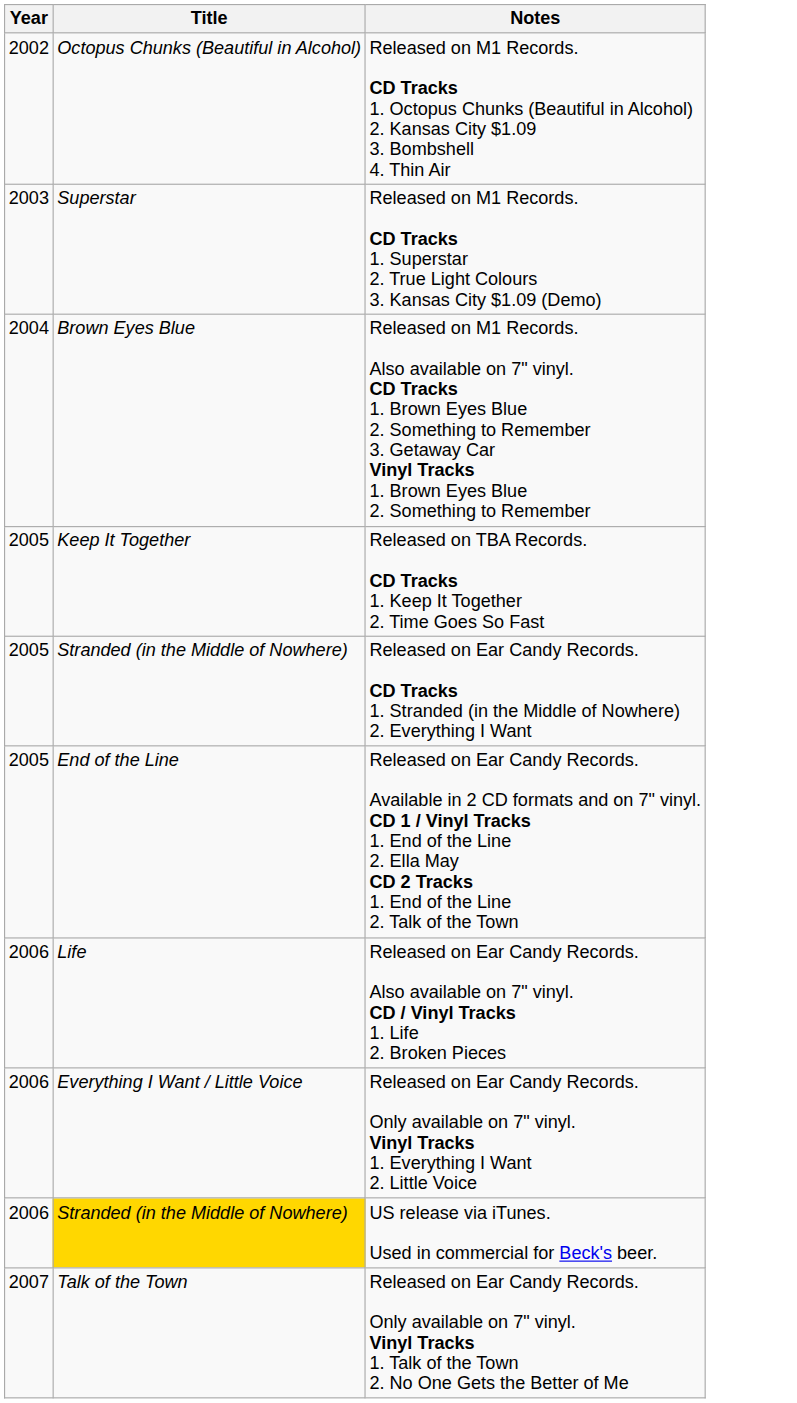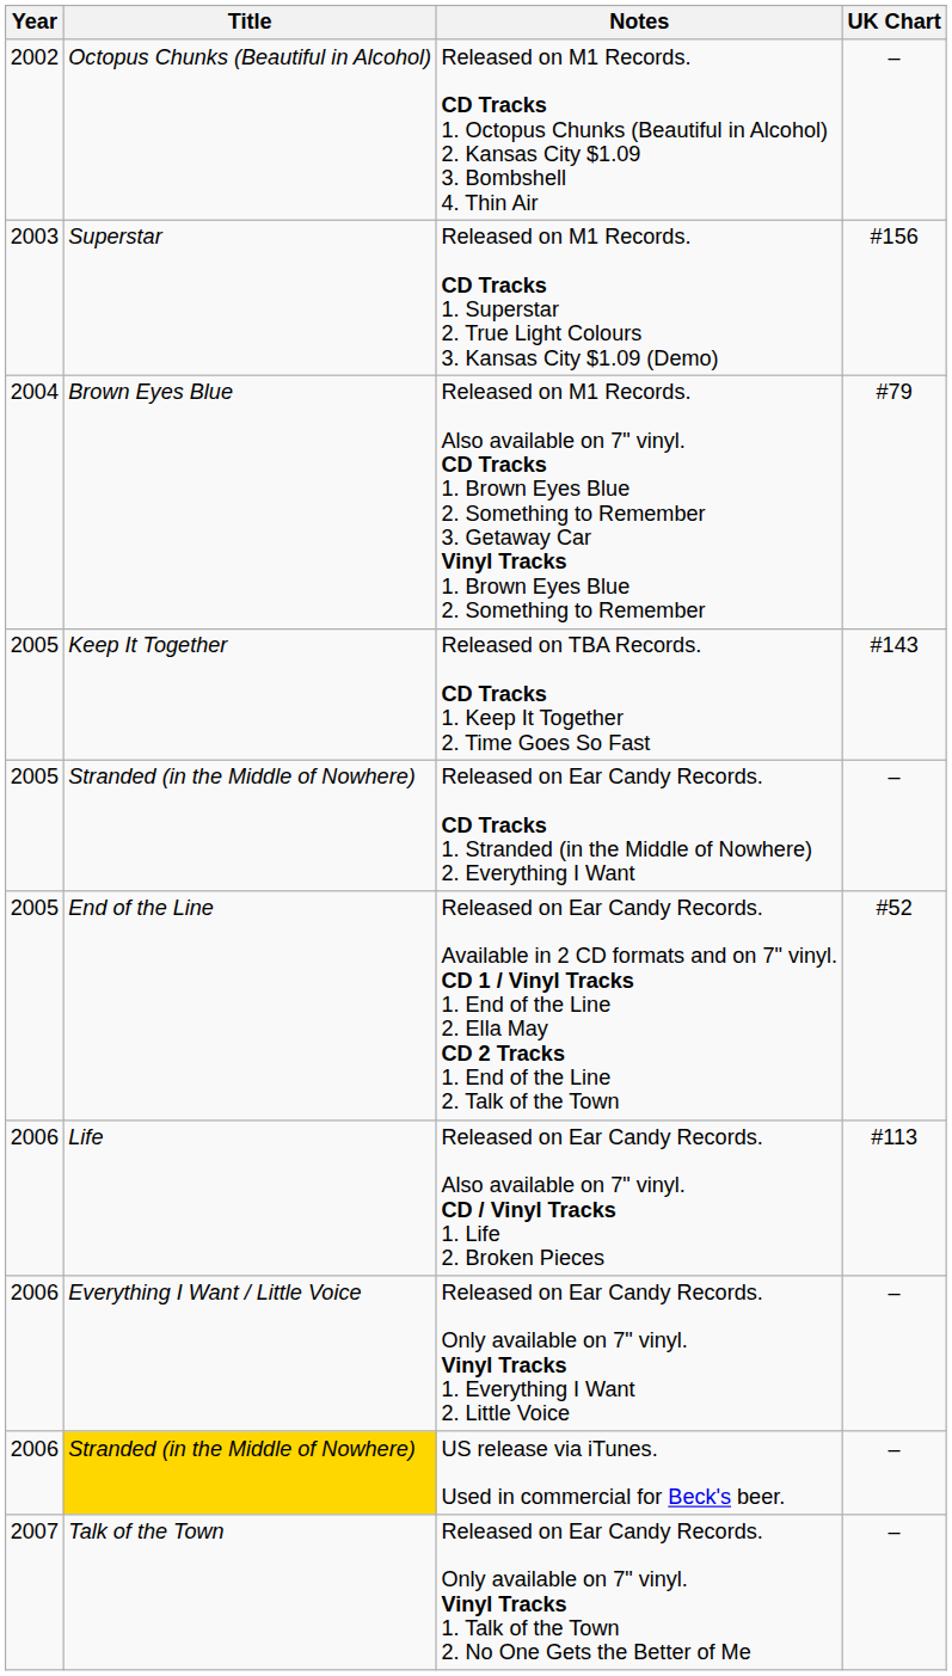 <table class="wikitable">
 <tr>
 <th>Year</th>
 <th>Title</th>
 <th>Notes</th>
+<th>UK Chart</th>
 </tr>
 <tr>
 <td align="center" valign="top">2002</td>
 <td align="left" valign="top"><em>Octopus Chunks (Beautiful in Alcohol)</em></td>
 <td align="left" valign="top">Released on M1 Records.<br><br><strong>CD Tracks</strong><br> 1. Octopus Chunks (Beautiful in Alcohol)<br> 2. Kansas City $1.09<br> 3. Bombshell<br> 4. Thin Air<br></td>
+<td align="center" valign="top">–</td>
 </tr>
 <tr>
 <td align="center" valign="top">2003</td>
 <td align="left" valign="top"><em>Superstar</em></td>
 <td align="left" valign="top">Released on M1 Records.<br><br><strong>CD Tracks</strong><br> 1. Superstar<br> 2. True Light Colours<br> 3. Kansas City $1.09 (Demo)<br></td>
+<td align="center" valign="top">#156</td>
 </tr>
 <tr>
 <td align="center" valign="top">2004</td>
 <td align="left" valign="top"><em>Brown Eyes Blue</em></td>
 <td align="left" valign="top">Released on M1 Records.<br><br>Also available on 7" vinyl.<br><strong>CD Tracks</strong><br> 1. Brown Eyes Blue<br> 2. Something to Remember<br> 3. Getaway Car<br><strong>Vinyl Tracks</strong><br> 1. Brown Eyes Blue<br> 2. Something to Remember<br></td>
+<td align="center" valign="top">#79</td>
 </tr>
 <tr>
 <td align="center" valign="top">2005</td>
 <td align="left" valign="top"><em>Keep It Together</em></td>
 <td align="left" valign="top">Released on TBA Records.<br><br><strong>CD Tracks</strong><br> 1. Keep It Together<br> 2. Time Goes So Fast<br></td>
+<td align="center" valign="top">#143</td>
 </tr>
 <tr>
 <td align="center" valign="top">2005</td>
 <td align="left" valign="top"><em>Stranded (in the Middle of Nowhere)</em></td>
 <td align="left" valign="top">Released on Ear Candy Records.<br><br><strong>CD Tracks</strong><br> 1. Stranded (in the Middle of Nowhere)<br> 2. Everything I Want<br></td>
+<td align="center" valign="top">–</td>
 </tr>
 <tr>
 <td align="center" valign="top">2005</td>
 <td align="left" valign="top"><em>End of the Line</em></td>
 <td align="left" valign="top">Released on Ear Candy Records.<br><br>Available in 2 CD formats and on 7" vinyl.<br><strong>CD 1 / Vinyl Tracks</strong><br> 1. End of the Line<br> 2. Ella May<br><strong>CD 2 Tracks</strong><br> 1. End of the Line<br> 2. Talk of the Town<br></td>
+<td align="center" valign="top">#52</td>
 </tr>
 <tr>
 <td align="center" valign="top">2006</td>
 <td align="left" valign="top"><em>Life</em></td>
 <td align="left" valign="top">Released on Ear Candy Records.<br><br>Also available on 7" vinyl.<br><strong>CD / Vinyl Tracks</strong><br> 1. Life<br> 2. Broken Pieces<br></td>
+<td align="center" valign="top">#113</td>
 </tr>
 <tr>
 <td align="center" valign="top">2006</td>
 <td align="left" valign="top"><em>Everything I Want / Little Voice</em></td>
 <td align="left" valign="top">Released on Ear Candy Records.<br><br>Only available on 7" vinyl.<br><strong>Vinyl Tracks</strong><br> 1. Everything I Want<br> 2. Little Voice<br></td>
+<td align="center" valign="top">–</td>
 </tr>
 <tr>
 <td align="center" valign="top">2006</td>
 <td align="left" valign="top" style="background: gold;"><em>Stranded (in the Middle of Nowhere)</em></td>
 <td align="left" valign="top">US release via iTunes.<br><br>Used in commercial for <a href='#'>Beck's</a> beer.<br></td>
+<td align="center" valign="top">–</td>
 </tr>
 <tr>
 <td align="center" valign="top">2007</td>
 <td align="left" valign="top"><em>Talk of the Town</em></td>
 <td align="left" valign="top">Released on Ear Candy Records.<br><br>Only available on 7" vinyl.<br><strong>Vinyl Tracks</strong><br> 1. Talk of the Town<br> 2. No One Gets the Better of Me<br></td>
+<td align="center" valign="top">–</td>
 </tr>
 </table>
